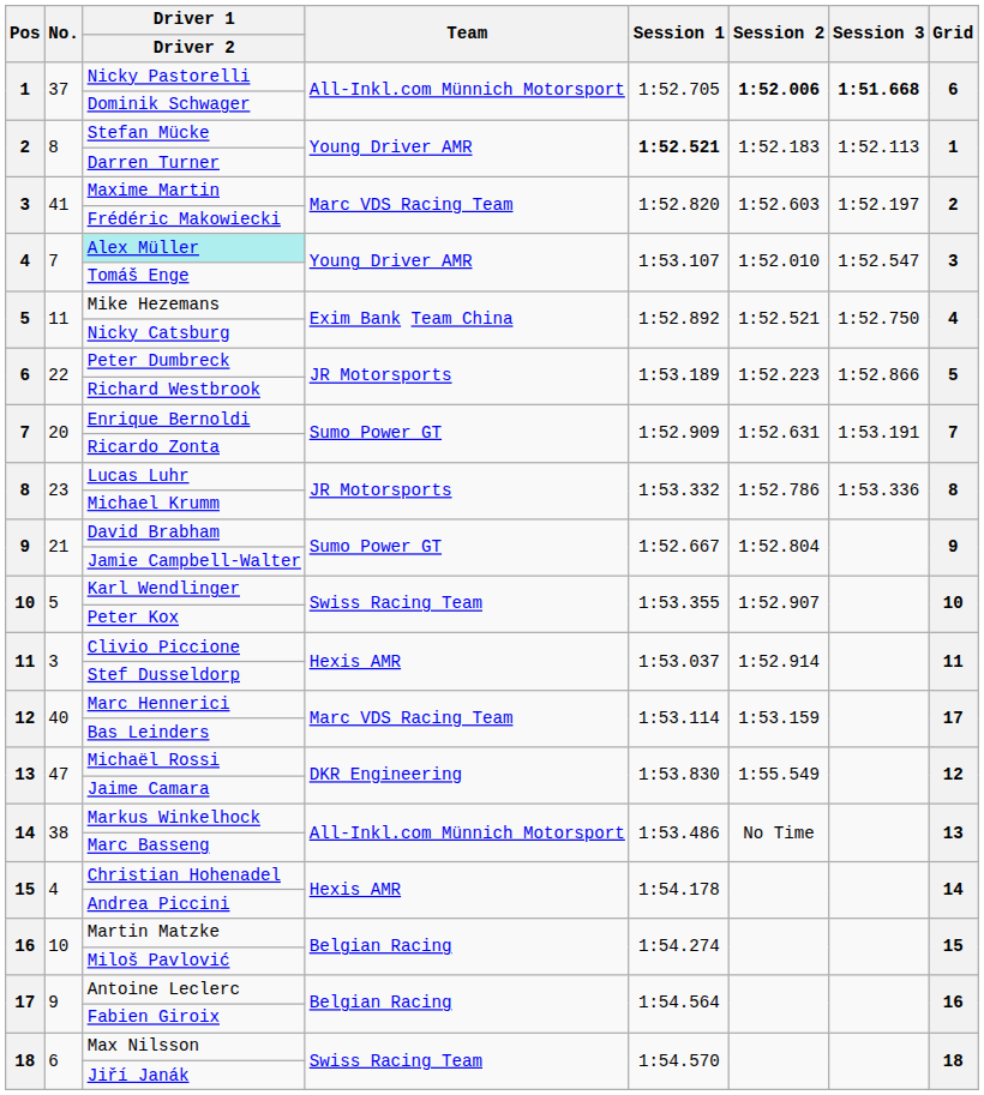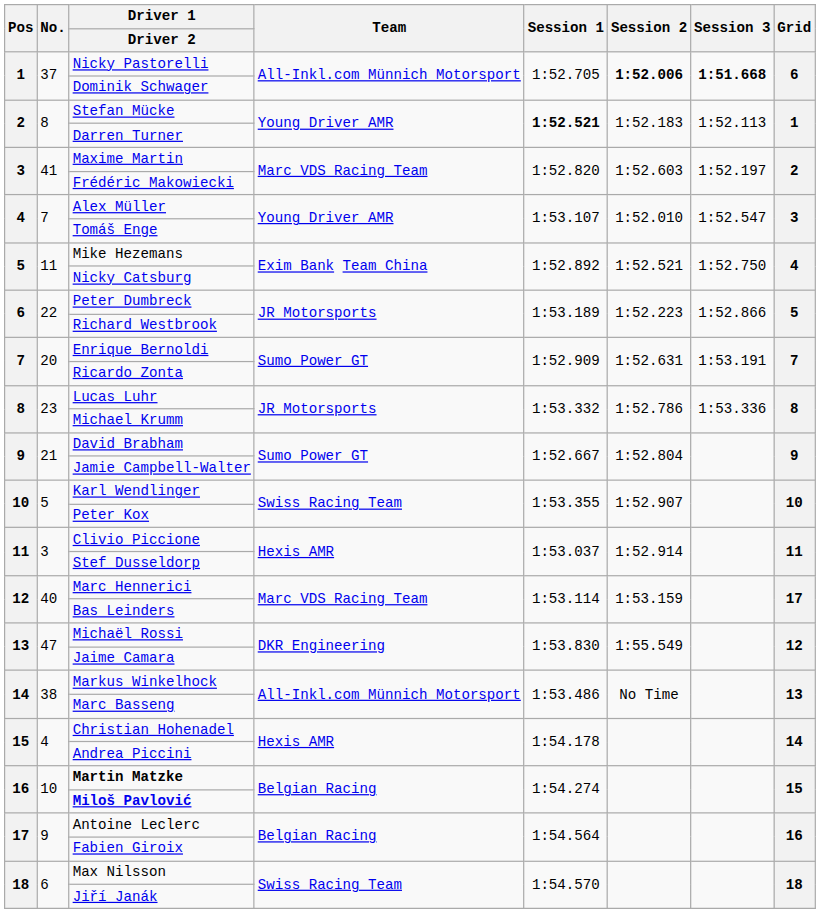 <table class="wikitable" style="font-size: 90%;">
 <tr>
 <th rowspan=2>Pos</th>
 <th rowspan=2>No.</th>
 <th>Driver 1</th>
 <th rowspan=2>Team</th>
 <th rowspan=2>Session 1</th>
 <th rowspan=2>Session 2</th>
 <th rowspan=2>Session 3</th>
 <th rowspan=2>Grid</th>
 </tr>
 <tr>
 <th>Driver 2</th>
 </tr>
 <tr>
 <th rowspan=2>1</th>
 <td rowspan=2>37</td>
 <td> <a href='#'>Nicky Pastorelli</a></td>
 <td rowspan=2> <a href='#'>All-Inkl.com Münnich Motorsport</a></td>
 <td rowspan=2 align="center">1:52.705</td>
 <td rowspan=2 align="center"><strong>1:52.006</strong></td>
 <td rowspan=2 align="center"><strong>1:51.668</strong></td>
 <th rowspan=2>6</th>
 </tr>
 <tr>
 <td> <a href='#'>Dominik Schwager</a></td>
 </tr>
 <tr>
 <th rowspan=2>2</th>
 <td rowspan=2>8</td>
 <td> <a href='#'>Stefan Mücke</a></td>
 <td rowspan=2> <a href='#'>Young Driver AMR</a></td>
 <td rowspan=2 align="center"><strong>1:52.521</strong></td>
 <td rowspan=2 align="center">1:52.183</td>
 <td rowspan=2 align="center">1:52.113</td>
 <th rowspan=2>1</th>
 </tr>
 <tr>
 <td> <a href='#'>Darren Turner</a></td>
 </tr>
 <tr>
 <th rowspan=2>3</th>
 <td rowspan=2>41</td>
 <td> <a href='#'>Maxime Martin</a></td>
 <td rowspan=2> <a href='#'>Marc VDS Racing Team</a></td>
 <td rowspan=2 align="center">1:52.820</td>
 <td rowspan=2 align="center">1:52.603</td>
 <td rowspan=2 align="center">1:52.197</td>
 <th rowspan=2>2</th>
 </tr>
 <tr>
 <td> <a href='#'>Frédéric Makowiecki</a></td>
 </tr>
 <tr>
 <th rowspan=2>4</th>
 <td rowspan=2>7</td>
-<td style="background: paleturquoise;"> <a href='#'>Alex Müller</a></td>
+<td> <a href='#'>Alex Müller</a></td>
 <td rowspan=2> <a href='#'>Young Driver AMR</a></td>
 <td rowspan=2 align="center">1:53.107</td>
 <td rowspan=2 align="center">1:52.010</td>
 <td rowspan=2 align="center">1:52.547</td>
 <th rowspan=2>3</th>
 </tr>
 <tr>
 <td> <a href='#'>Tomáš Enge</a></td>
 </tr>
 <tr>
 <th rowspan=2>5</th>
 <td rowspan=2>11</td>
 <td> Mike Hezemans</td>
 <td rowspan=2> <a href='#'>Exim Bank</a> <a href='#'>Team China</a></td>
 <td rowspan=2 align="center">1:52.892</td>
 <td rowspan=2 align="center">1:52.521</td>
 <td rowspan=2 align="center">1:52.750</td>
 <th rowspan=2>4</th>
 </tr>
 <tr>
 <td> <a href='#'>Nicky Catsburg</a></td>
 </tr>
 <tr>
 <th rowspan=2>6</th>
 <td rowspan=2>22</td>
 <td> <a href='#'>Peter Dumbreck</a></td>
 <td rowspan=2> <a href='#'>JR Motorsports</a></td>
 <td rowspan=2 align="center">1:53.189</td>
 <td rowspan=2 align="center">1:52.223</td>
 <td rowspan=2 align="center">1:52.866</td>
 <th rowspan=2>5</th>
 </tr>
 <tr>
 <td> <a href='#'>Richard Westbrook</a></td>
 </tr>
 <tr>
 <th rowspan=2>7</th>
 <td rowspan=2>20</td>
 <td> <a href='#'>Enrique Bernoldi</a></td>
 <td rowspan=2> <a href='#'>Sumo Power GT</a></td>
 <td rowspan=2 align="center">1:52.909</td>
 <td rowspan=2 align="center">1:52.631</td>
 <td rowspan=2 align="center">1:53.191</td>
 <th rowspan=2>7</th>
 </tr>
 <tr>
 <td> <a href='#'>Ricardo Zonta</a></td>
 </tr>
 <tr>
 <th rowspan=2>8</th>
 <td rowspan=2>23</td>
 <td> <a href='#'>Lucas Luhr</a></td>
 <td rowspan=2> <a href='#'>JR Motorsports</a></td>
 <td rowspan=2 align="center">1:53.332</td>
 <td rowspan=2 align="center">1:52.786</td>
 <td rowspan=2 align="center">1:53.336</td>
 <th rowspan=2>8</th>
 </tr>
 <tr>
 <td> <a href='#'>Michael Krumm</a></td>
 </tr>
 <tr>
 <th rowspan=2>9</th>
 <td rowspan=2>21</td>
 <td> <a href='#'>David Brabham</a></td>
 <td rowspan=2> <a href='#'>Sumo Power GT</a></td>
 <td rowspan=2 align="center">1:52.667</td>
 <td rowspan=2 align="center">1:52.804</td>
 <td rowspan=2 align="center"></td>
 <th rowspan=2>9</th>
 </tr>
 <tr>
 <td> <a href='#'>Jamie Campbell-Walter</a></td>
 </tr>
 <tr>
 <th rowspan=2>10</th>
 <td rowspan=2>5</td>
 <td> <a href='#'>Karl Wendlinger</a></td>
 <td rowspan=2> <a href='#'>Swiss Racing Team</a></td>
 <td rowspan=2 align="center">1:53.355</td>
 <td rowspan=2 align="center">1:52.907</td>
 <td rowspan=2 align="center"></td>
 <th rowspan=2>10</th>
 </tr>
 <tr>
 <td> <a href='#'>Peter Kox</a></td>
 </tr>
 <tr>
 <th rowspan=2>11</th>
 <td rowspan=2>3</td>
 <td> <a href='#'>Clivio Piccione</a></td>
 <td rowspan=2> <a href='#'>Hexis AMR</a></td>
 <td rowspan=2 align="center">1:53.037</td>
 <td rowspan=2 align="center">1:52.914</td>
 <td rowspan=2 align="center"></td>
 <th rowspan=2>11</th>
 </tr>
 <tr>
 <td> <a href='#'>Stef Dusseldorp</a></td>
 </tr>
 <tr>
 <th rowspan=2>12</th>
 <td rowspan=2>40</td>
 <td> <a href='#'>Marc Hennerici</a></td>
 <td rowspan=2> <a href='#'>Marc VDS Racing Team</a></td>
 <td rowspan=2 align="center">1:53.114</td>
 <td rowspan=2 align="center">1:53.159</td>
 <td rowspan=2 align="center"></td>
 <th rowspan=2>17</th>
 </tr>
 <tr>
 <td> <a href='#'>Bas Leinders</a></td>
 </tr>
 <tr>
 <th rowspan=2>13</th>
 <td rowspan=2>47</td>
 <td> <a href='#'>Michaël Rossi</a></td>
 <td rowspan=2> <a href='#'>DKR Engineering</a></td>
 <td rowspan=2 align="center">1:53.830</td>
 <td rowspan=2 align="center">1:55.549</td>
 <td rowspan=2 align="center"></td>
 <th rowspan=2>12</th>
 </tr>
 <tr>
 <td> <a href='#'>Jaime Camara</a></td>
 </tr>
 <tr>
 <th rowspan=2>14</th>
 <td rowspan=2>38</td>
 <td> <a href='#'>Markus Winkelhock</a></td>
 <td rowspan=2> <a href='#'>All-Inkl.com Münnich Motorsport</a></td>
 <td rowspan=2 align="center">1:53.486</td>
 <td rowspan=2 align="center">No Time</td>
 <td rowspan=2 align="center"></td>
 <th rowspan=2>13</th>
 </tr>
 <tr>
 <td> <a href='#'>Marc Basseng</a></td>
 </tr>
 <tr>
 <th rowspan=2>15</th>
 <td rowspan=2>4</td>
 <td> <a href='#'>Christian Hohenadel</a></td>
 <td rowspan=2> <a href='#'>Hexis AMR</a></td>
 <td rowspan=2 align="center">1:54.178</td>
 <td rowspan=2 align="center"></td>
 <td rowspan=2 align="center"></td>
 <th rowspan=2>14</th>
 </tr>
 <tr>
 <td> <a href='#'>Andrea Piccini</a></td>
 </tr>
 <tr>
 <th rowspan=2>16</th>
 <td rowspan=2>10</td>
-<td> Martin Matzke</td>
+<td><strong> Martin Matzke</strong></td>
 <td rowspan=2> <a href='#'>Belgian Racing</a></td>
 <td rowspan=2 align="center">1:54.274</td>
 <td rowspan=2 align="center"></td>
 <td rowspan=2 align="center"></td>
 <th rowspan=2>15</th>
 </tr>
 <tr>
-<td> <a href='#'>Miloš Pavlović</a></td>
+<td><strong> <a href='#'>Miloš Pavlović</a></strong></td>
 </tr>
 <tr>
 <th rowspan=2>17</th>
 <td rowspan=2>9</td>
 <td> Antoine Leclerc</td>
 <td rowspan=2> <a href='#'>Belgian Racing</a></td>
 <td rowspan=2 align="center">1:54.564</td>
 <td rowspan=2 align="center"></td>
 <td rowspan=2 align="center"></td>
 <th rowspan=2>16</th>
 </tr>
 <tr>
 <td> <a href='#'>Fabien Giroix</a></td>
 </tr>
 <tr>
 <th rowspan=2>18</th>
 <td rowspan=2>6</td>
 <td> Max Nilsson</td>
 <td rowspan=2> <a href='#'>Swiss Racing Team</a></td>
 <td rowspan=2 align="center">1:54.570</td>
 <td rowspan=2 align="center"></td>
 <td rowspan=2 align="center"></td>
 <th rowspan=2>18</th>
 </tr>
 <tr>
 <td> <a href='#'>Jiří Janák</a></td>
 </tr>
 <tr>
 </tr>
 </table>
